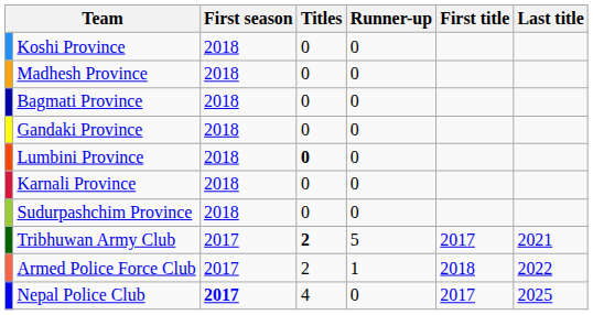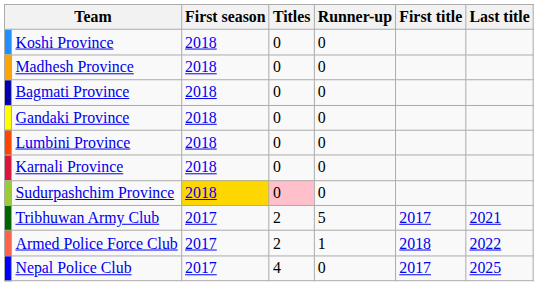 <table class="wikitable">
 <tr>
 <th colspan="2">Team</th>
 <th>First season</th>
 <th>Titles</th>
 <th>Runner-up</th>
 <th>First title</th>
 <th>Last title</th>
 </tr>
 <tr>
 <td bgcolor="dodgerblue"></td>
 <td><a href='#'>Koshi Province</a></td>
 <td><a href='#'>2018</a></td>
 <td>0</td>
 <td>0</td>
 <td></td>
 <td></td>
 </tr>
 <tr>
 <td bgcolor="orange"></td>
 <td><a href='#'>Madhesh Province</a></td>
 <td><a href='#'>2018</a></td>
 <td>0</td>
 <td>0</td>
 <td></td>
 <td></td>
 </tr>
 <tr>
 <td bgcolor="#0000AF"></td>
 <td><a href='#'>Bagmati Province</a></td>
 <td><a href='#'>2018</a></td>
 <td>0</td>
 <td>0</td>
 <td></td>
 <td></td>
 </tr>
 <tr>
 <td bgcolor="yellow"></td>
 <td><a href='#'>Gandaki Province</a></td>
 <td><a href='#'>2018</a></td>
 <td>0</td>
 <td>0</td>
 <td></td>
 <td></td>
 </tr>
 <tr>
 <td bgcolor="orangered"></td>
 <td><a href='#'>Lumbini Province</a></td>
 <td><a href='#'>2018</a></td>
-<td><strong>0</strong></td>
+<td>0</td>
 <td>0</td>
 <td></td>
 <td></td>
 </tr>
 <tr>
 <td bgcolor="crimson"></td>
 <td><a href='#'>Karnali Province</a></td>
 <td><a href='#'>2018</a></td>
 <td>0</td>
 <td>0</td>
 <td></td>
 <td></td>
 </tr>
 <tr>
 <td bgcolor="yellowgreen"></td>
 <td><a href='#'>Sudurpashchim Province</a></td>
-<td><a href='#'>2018</a></td>
-<td>0</td>
+<td style="background: gold;"><a href='#'>2018</a></td>
+<td style="background: pink;">0</td>
 <td>0</td>
 <td></td>
 <td></td>
 </tr>
 <tr>
 <td bgcolor="darkgreen"></td>
 <td><a href='#'>Tribhuwan Army Club</a></td>
 <td><a href='#'>2017</a></td>
-<td><strong>2</strong></td>
+<td>2</td>
 <td>5</td>
 <td><a href='#'>2017</a></td>
 <td><a href='#'>2021</a></td>
 </tr>
 <tr>
 <td bgcolor="tomato"></td>
 <td><a href='#'>Armed Police Force Club</a></td>
 <td><a href='#'>2017</a></td>
 <td>2</td>
 <td>1</td>
 <td><a href='#'>2018</a></td>
 <td><a href='#'>2022</a></td>
 </tr>
 <tr>
 <td bgcolor="blue"></td>
 <td><a href='#'>Nepal Police Club</a></td>
-<td><strong><a href='#'>2017</a></strong></td>
+<td><a href='#'>2017</a></td>
 <td>4</td>
 <td>0</td>
 <td><a href='#'>2017</a></td>
 <td><a href='#'>2025</a></td>
 </tr>
 </table>
